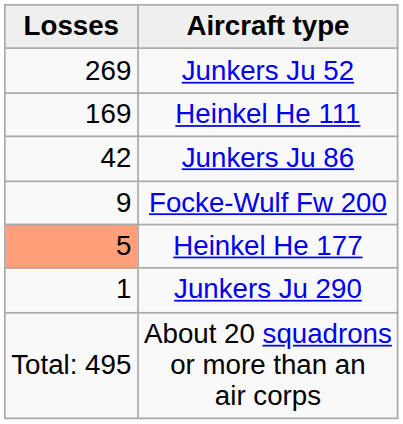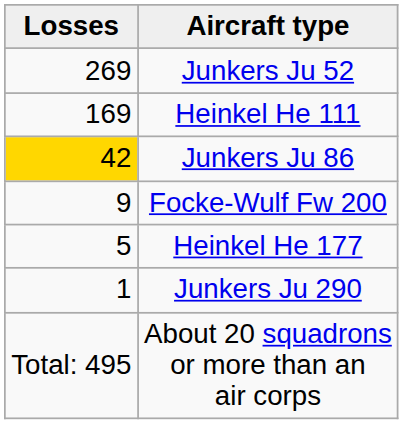 <table class="wikitable floatright">
 <tr>
 <th style="background:#efefef;">Losses</th>
 <th style="background:#efefef;">Aircraft type</th>
 </tr>
 <tr>
 <td align=right>269</td>
 <td align=center><a href='#'>Junkers Ju 52</a></td>
 </tr>
 <tr>
 <td align=right>169</td>
 <td align=center><a href='#'>Heinkel He 111</a></td>
 </tr>
 <tr>
-<td align=right>42</td>
+<td align=right style="background: gold;">42</td>
 <td align=center><a href='#'>Junkers Ju 86</a></td>
 </tr>
 <tr>
 <td align=right>9</td>
 <td align=center><a href='#'>Focke-Wulf Fw 200</a></td>
 </tr>
 <tr>
-<td align=right style="background: lightsalmon;">5</td>
+<td align=right>5</td>
 <td align=center><a href='#'>Heinkel He 177</a></td>
 </tr>
 <tr>
 <td align=right>1</td>
 <td align=center><a href='#'>Junkers Ju 290</a></td>
 </tr>
 <tr>
 <td align=right>Total: 495</td>
 <td align=center>About 20 <a href='#'>squadrons</a><br>or more than an<br>air corps</td>
 </tr>
 </table>
